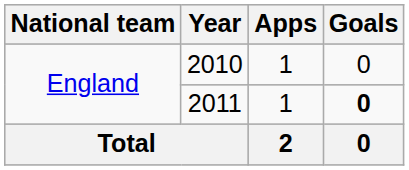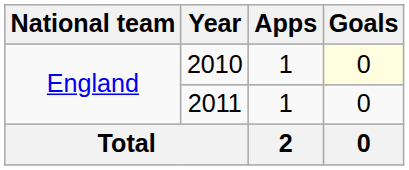 <table class=wikitable style="text-align: center;">
 <tr>
 <th>National team</th>
 <th>Year</th>
 <th>Apps</th>
 <th>Goals</th>
 </tr>
 <tr>
 <td rowspan=2><a href='#'>England</a></td>
 <td>2010</td>
 <td>1</td>
-<td>0</td>
+<td style="background: lightyellow;">0</td>
 </tr>
 <tr>
 <td>2011</td>
 <td>1</td>
-<td><strong>0</strong></td>
+<td>0</td>
 </tr>
 <tr>
 <th colspan=2>Total</th>
 <th>2</th>
 <th>0</th>
 </tr>
 </table>
